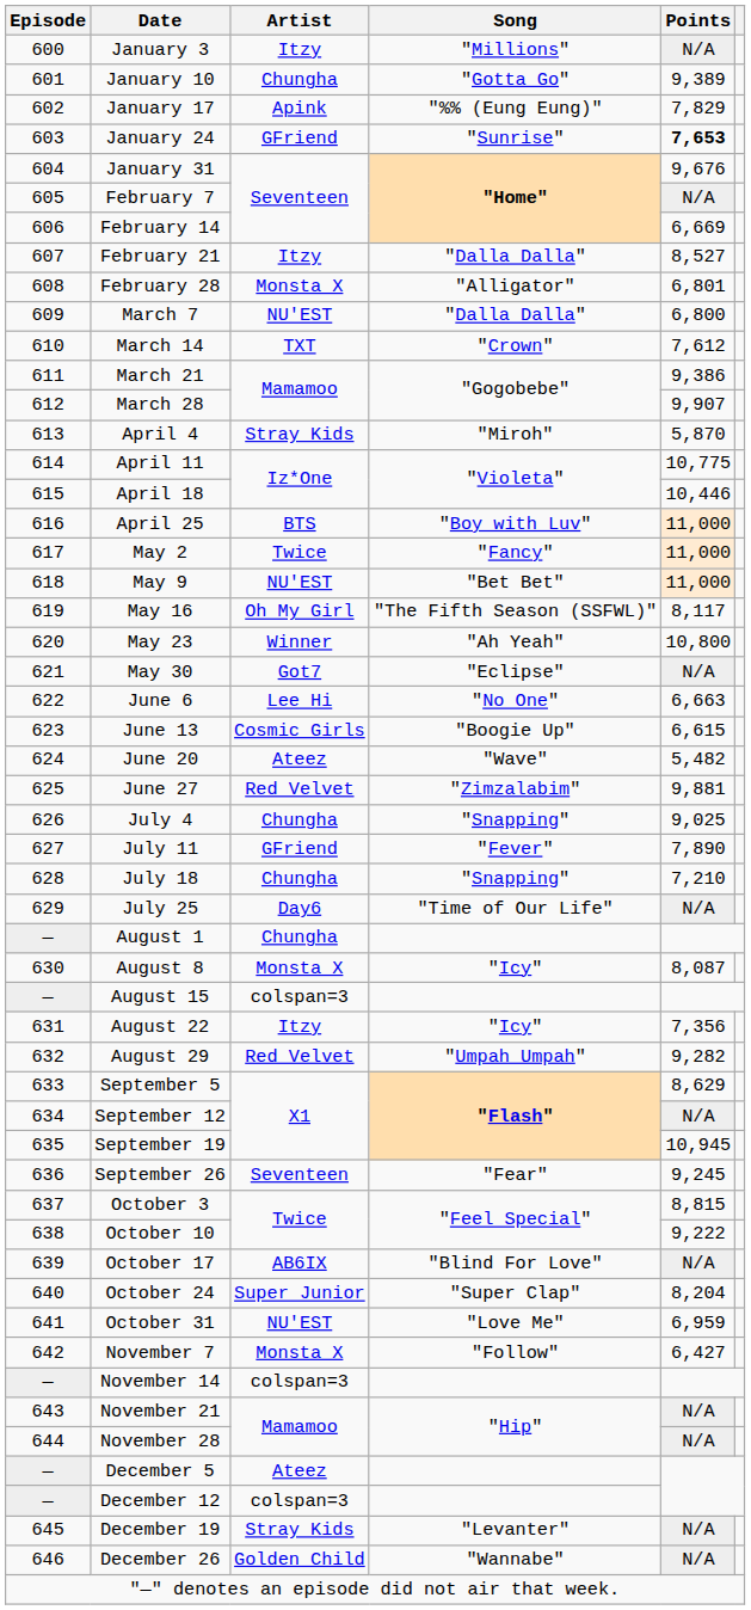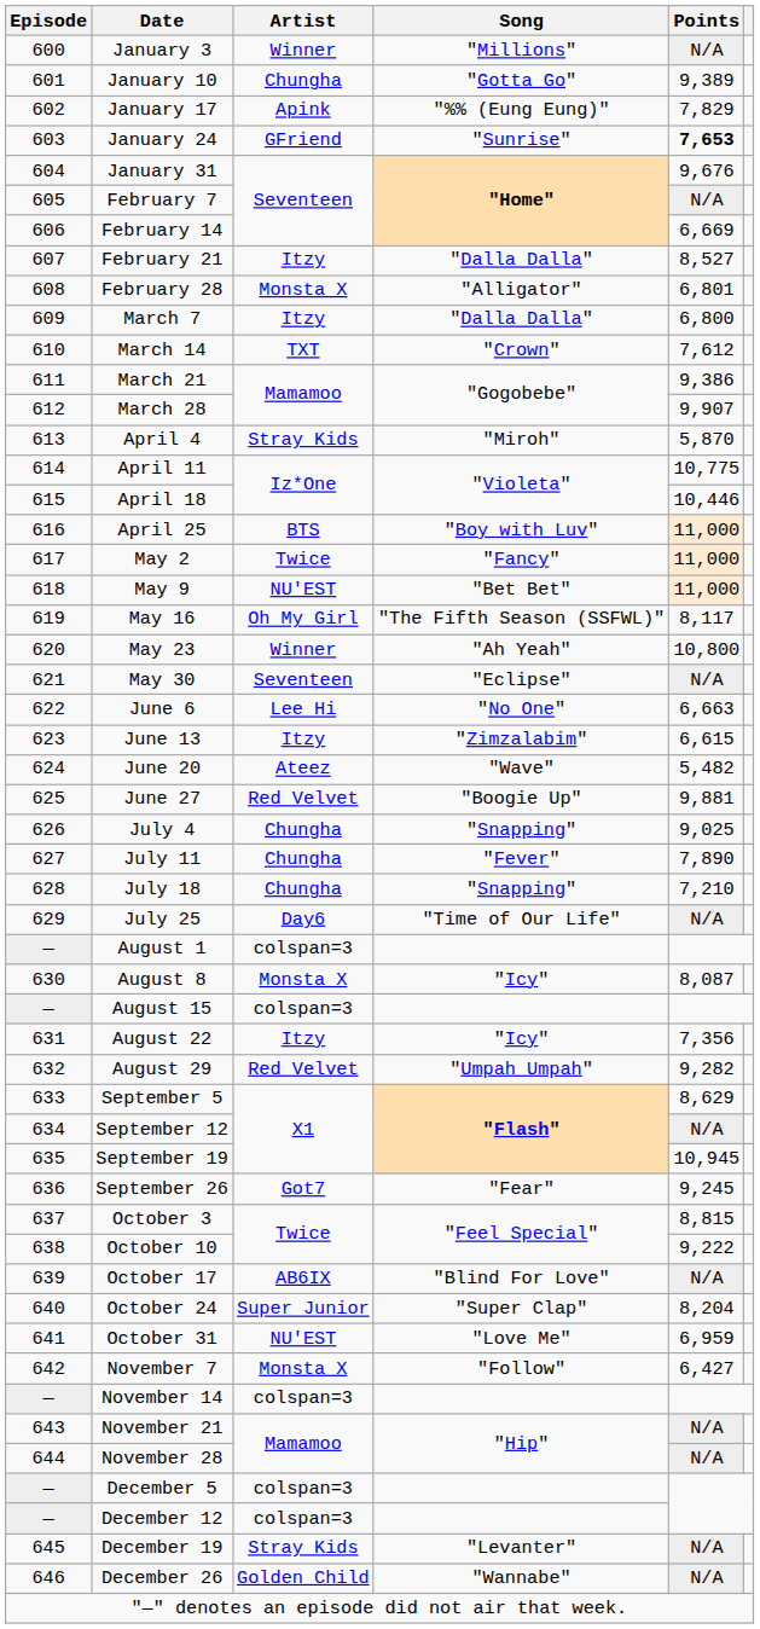 <table class="wikitable sortable" style=text-align:center>
 <tr>
 <th scope="col">Episode</th>
 <th scope="col">Date</th>
 <th scope="col">Artist</th>
 <th scope="col">Song</th>
 <th scope="col">Points</th>
 <th scope="col" class="unsortable"></th>
 </tr>
 <tr>
 <td>600</td>
 <td>January 3</td>
-<td><a href='#'>Itzy</a></td>
+<td><a href='#'>Winner</a></td>
 <td>"<a href='#'>Millions</a>"</td>
 <td style="background:#eee;">N/A</td>
 <td></td>
 </tr>
 <tr>
 <td>601</td>
 <td>January 10</td>
 <td><a href='#'>Chungha</a></td>
 <td>"<a href='#'>Gotta Go</a>"</td>
 <td>9,389</td>
 <td></td>
 </tr>
 <tr>
 <td>602</td>
 <td>January 17</td>
 <td><a href='#'>Apink</a></td>
 <td>"%% (Eung Eung)"</td>
 <td>7,829</td>
 <td></td>
 </tr>
 <tr>
 <td>603</td>
 <td>January 24</td>
 <td><a href='#'>GFriend</a></td>
 <td>"<a href='#'>Sunrise</a>"</td>
 <td><strong>7,653</strong></td>
 <td></td>
 </tr>
 <tr>
 <td>604</td>
 <td>January 31</td>
 <td rowspan="3"><a href='#'>Seventeen</a></td>
 <td rowspan="3" style="font-weight: bold; background: navajowhite;">"Home"</td>
 <td>9,676</td>
 <td></td>
 </tr>
 <tr>
 <td>605</td>
 <td>February 7</td>
 <td style="background:#eee;">N/A</td>
 <td></td>
 </tr>
 <tr>
 <td>606</td>
 <td>February 14</td>
 <td>6,669</td>
 <td></td>
 </tr>
 <tr>
 <td>607</td>
 <td>February 21</td>
 <td><a href='#'>Itzy</a></td>
 <td>"<a href='#'>Dalla Dalla</a>"</td>
 <td>8,527</td>
 <td></td>
 </tr>
 <tr>
 <td>608</td>
 <td>February 28</td>
 <td><a href='#'>Monsta X</a></td>
 <td>"Alligator"</td>
 <td>6,801</td>
 <td></td>
 </tr>
 <tr>
 <td>609</td>
 <td>March 7</td>
-<td><a href='#'>NU'EST</a></td>
+<td><a href='#'>Itzy</a></td>
 <td>"<a href='#'>Dalla Dalla</a>"</td>
 <td>6,800</td>
 <td></td>
 </tr>
 <tr>
 <td>610</td>
 <td>March 14</td>
 <td><a href='#'>TXT</a></td>
 <td>"<a href='#'>Crown</a>"</td>
 <td>7,612</td>
 <td></td>
 </tr>
 <tr>
 <td>611</td>
 <td>March 21</td>
 <td rowspan="2"><a href='#'>Mamamoo</a></td>
 <td rowspan="2">"Gogobebe"</td>
 <td>9,386</td>
 <td></td>
 </tr>
 <tr>
 <td>612</td>
 <td>March 28</td>
 <td>9,907</td>
 <td></td>
 </tr>
 <tr>
 <td>613</td>
 <td>April 4</td>
 <td><a href='#'>Stray Kids</a></td>
 <td>"Miroh"</td>
 <td>5,870</td>
 <td></td>
 </tr>
 <tr>
 <td>614</td>
 <td>April 11</td>
 <td rowspan="2"><a href='#'>Iz*One</a></td>
 <td rowspan="2">"<a href='#'>Violeta</a>"</td>
 <td>10,775</td>
 <td></td>
 </tr>
 <tr>
 <td>615</td>
 <td>April 18</td>
 <td>10,446</td>
 <td></td>
 </tr>
 <tr>
 <td>616</td>
 <td>April 25</td>
 <td><a href='#'>BTS</a></td>
 <td>"<a href='#'>Boy with Luv</a>"</td>
 <td style="background: #ffebd2">11,000</td>
 <td></td>
 </tr>
 <tr>
 <td>617</td>
 <td>May 2</td>
 <td><a href='#'>Twice</a></td>
 <td>"<a href='#'>Fancy</a>"</td>
 <td style="background: #ffebd2">11,000</td>
 <td></td>
 </tr>
 <tr>
 <td>618</td>
 <td>May 9</td>
 <td><a href='#'>NU'EST</a></td>
 <td>"Bet Bet"</td>
 <td style="background: #ffebd2">11,000</td>
 <td></td>
 </tr>
 <tr>
 <td>619</td>
 <td>May 16</td>
 <td><a href='#'>Oh My Girl</a></td>
 <td>"The Fifth Season (SSFWL)"</td>
 <td>8,117</td>
 <td></td>
 </tr>
 <tr>
 <td>620</td>
 <td>May 23</td>
 <td><a href='#'>Winner</a></td>
 <td>"Ah Yeah"</td>
 <td>10,800</td>
 <td></td>
 </tr>
 <tr>
 <td>621</td>
 <td>May 30</td>
-<td><a href='#'>Got7</a></td>
+<td><a href='#'>Seventeen</a></td>
 <td>"Eclipse"</td>
 <td style="background:#eee;">N/A</td>
 <td></td>
 </tr>
 <tr>
 <td>622</td>
 <td>June 6</td>
 <td><a href='#'>Lee Hi</a></td>
 <td>"<a href='#'>No One</a>"</td>
 <td>6,663</td>
 <td></td>
 </tr>
 <tr>
 <td>623</td>
 <td>June 13</td>
-<td><a href='#'>Cosmic Girls</a></td>
-<td>"Boogie Up"</td>
+<td><a href='#'>Itzy</a></td>
+<td>"<a href='#'>Zimzalabim</a>"</td>
 <td>6,615</td>
 <td></td>
 </tr>
 <tr>
 <td>624</td>
 <td>June 20</td>
 <td><a href='#'>Ateez</a></td>
 <td>"Wave"</td>
 <td>5,482</td>
 <td></td>
 </tr>
 <tr>
 <td>625</td>
 <td>June 27</td>
 <td><a href='#'>Red Velvet</a></td>
-<td>"<a href='#'>Zimzalabim</a>"</td>
+<td>"Boogie Up"</td>
 <td>9,881</td>
 <td></td>
 </tr>
 <tr>
 <td>626</td>
 <td>July 4</td>
 <td><a href='#'>Chungha</a></td>
 <td>"<a href='#'>Snapping</a>"</td>
 <td>9,025</td>
 <td></td>
 </tr>
 <tr>
 <td>627</td>
 <td>July 11</td>
-<td><a href='#'>GFriend</a></td>
+<td><a href='#'>Chungha</a></td>
 <td>"<a href='#'>Fever</a>"</td>
 <td>7,890</td>
 <td></td>
 </tr>
 <tr>
 <td>628</td>
 <td>July 18</td>
 <td><a href='#'>Chungha</a></td>
 <td>"<a href='#'>Snapping</a>"</td>
 <td>7,210</td>
 <td></td>
 </tr>
 <tr>
 <td>629</td>
 <td>July 25</td>
 <td><a href='#'>Day6</a></td>
 <td>"Time of Our Life"</td>
 <td style="background:#eee;">N/A</td>
 <td></td>
 </tr>
 <tr>
 <td style="background:#eee;">—</td>
 <td>August 1</td>
-<td><a href='#'>Chungha</a></td>
+<td>colspan=3 </td>
 <td></td>
 </tr>
 <tr>
 <td>630</td>
 <td>August 8</td>
 <td><a href='#'>Monsta X</a></td>
 <td>"<a href='#'>Icy</a>"</td>
 <td>8,087</td>
 <td></td>
 </tr>
 <tr>
 <td style="background:#eee;">—</td>
 <td>August 15</td>
 <td>colspan=3 </td>
 <td></td>
 </tr>
 <tr>
 <td>631</td>
 <td>August 22</td>
 <td><a href='#'>Itzy</a></td>
 <td>"<a href='#'>Icy</a>"</td>
 <td>7,356</td>
 <td></td>
 </tr>
 <tr>
 <td>632</td>
 <td>August 29</td>
 <td><a href='#'>Red Velvet</a></td>
 <td>"<a href='#'>Umpah Umpah</a>"</td>
 <td>9,282</td>
 <td></td>
 </tr>
 <tr>
 <td>633</td>
 <td>September 5</td>
 <td rowspan="3"><a href='#'>X1</a></td>
 <td rowspan="3" style="font-weight: bold; background: navajowhite;">"<a href='#'>Flash</a>"</td>
 <td>8,629</td>
 <td></td>
 </tr>
 <tr>
 <td>634</td>
 <td>September 12</td>
 <td style="background:#eee;">N/A</td>
 <td></td>
 </tr>
 <tr>
 <td>635</td>
 <td>September 19</td>
 <td>10,945</td>
 <td></td>
 </tr>
 <tr>
 <td>636</td>
 <td>September 26</td>
-<td><a href='#'>Seventeen</a></td>
+<td><a href='#'>Got7</a></td>
 <td>"Fear"</td>
 <td>9,245</td>
 <td></td>
 </tr>
 <tr>
 <td>637</td>
 <td>October 3</td>
 <td rowspan="2"><a href='#'>Twice</a></td>
 <td rowspan="2">"<a href='#'>Feel Special</a>"</td>
 <td>8,815</td>
 <td></td>
 </tr>
 <tr>
 <td>638</td>
 <td>October 10</td>
 <td>9,222</td>
 <td></td>
 </tr>
 <tr>
 <td>639</td>
 <td>October 17</td>
 <td><a href='#'>AB6IX</a></td>
 <td>"Blind For Love"</td>
 <td style="background:#eee;">N/A</td>
 <td></td>
 </tr>
 <tr>
 <td>640</td>
 <td>October 24</td>
 <td><a href='#'>Super Junior</a></td>
 <td>"Super Clap"</td>
 <td>8,204</td>
 <td></td>
 </tr>
 <tr>
 <td>641</td>
 <td>October 31</td>
 <td><a href='#'>NU'EST</a></td>
 <td>"Love Me"</td>
 <td>6,959</td>
 <td></td>
 </tr>
 <tr>
 <td>642</td>
 <td>November 7</td>
 <td><a href='#'>Monsta X</a></td>
 <td>"Follow"</td>
 <td>6,427</td>
 <td></td>
 </tr>
 <tr>
 <td style="background:#eee;">—</td>
 <td>November 14</td>
 <td>colspan=3 </td>
 <td></td>
 </tr>
 <tr>
 <td>643</td>
 <td>November 21</td>
 <td rowspan="2"><a href='#'>Mamamoo</a></td>
 <td rowspan="2">"<a href='#'>Hip</a>"</td>
 <td style="background:#eee;">N/A</td>
 <td></td>
 </tr>
 <tr>
 <td>644</td>
 <td>November 28</td>
 <td style="background:#eee;">N/A</td>
 <td></td>
 </tr>
 <tr>
 <td style="background:#eee;">—</td>
 <td>December 5</td>
-<td><a href='#'>Ateez</a></td>
+<td>colspan=3 </td>
 <td></td>
 </tr>
 <tr>
 <td style="background:#eee;">—</td>
 <td>December 12</td>
 <td>colspan=3 </td>
 <td></td>
 </tr>
 <tr>
 <td>645</td>
 <td>December 19</td>
 <td><a href='#'>Stray Kids</a></td>
 <td>"Levanter"</td>
 <td style="background:#eee;">N/A</td>
 <td></td>
 </tr>
 <tr>
 <td>646</td>
 <td>December 26</td>
 <td><a href='#'>Golden Child</a></td>
 <td>"Wannabe"</td>
 <td style="background:#eee;">N/A</td>
 <td></td>
 </tr>
 <tr>
 <td colspan="6">"—" denotes an episode did not air that week.</td>
 </tr>
 </table>
